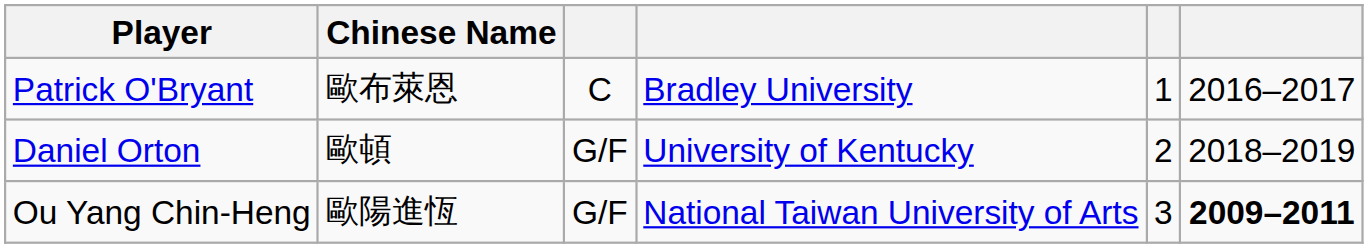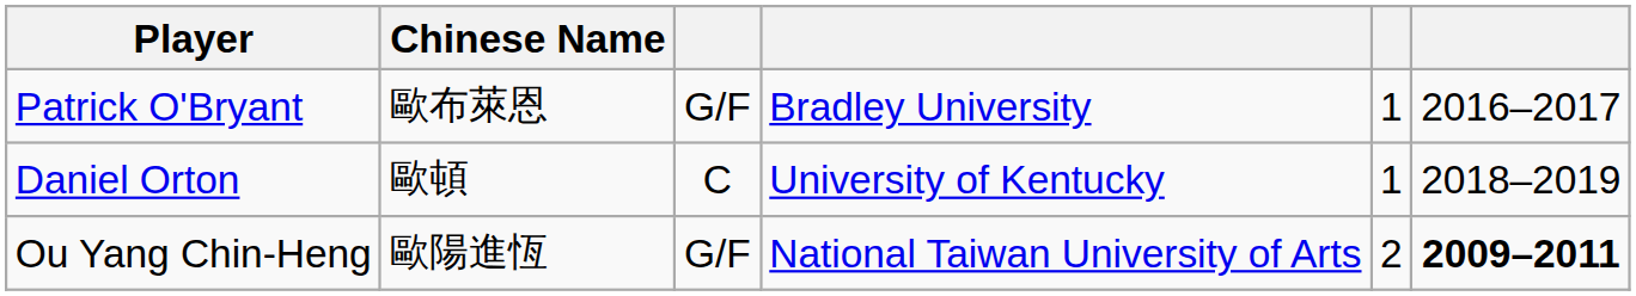 <table class="wikitable sortable" style="font-size:95%; text-align:right;">
 <tr>
 <th>Player</th>
 <th>Chinese Name</th>
 <th></th>
 <th></th>
 <th></th>
 <th></th>
 </tr>
 <tr>
 <td align="left"><a href='#'>Patrick O'Bryant</a></td>
 <td align="left">歐布萊恩</td>
-<td align="center">C</td>
+<td align="center">G/F</td>
 <td align="left"><a href='#'>Bradley University</a></td>
 <td align="center">1</td>
 <td align="center">2016–2017</td>
 </tr>
 <tr>
 <td align="left"><a href='#'>Daniel Orton</a></td>
 <td align="left">歐頓</td>
-<td align="center">G/F</td>
+<td align="center">C</td>
 <td align="left"><a href='#'>University of Kentucky</a></td>
-<td align="center">2</td>
+<td align="center">1</td>
 <td align="center">2018–2019</td>
 </tr>
 <tr>
 <td align="left">Ou Yang Chin-Heng</td>
 <td align="left">歐陽進恆</td>
 <td align="center">G/F</td>
 <td align="left"><a href='#'>National Taiwan University of Arts</a></td>
-<td align="center">3</td>
+<td align="center">2</td>
 <td align="center"><strong>2009–2011</strong></td>
 </tr>
 </table>
